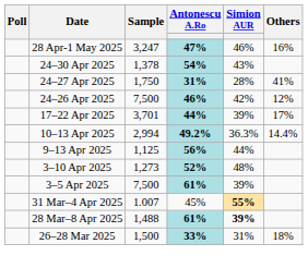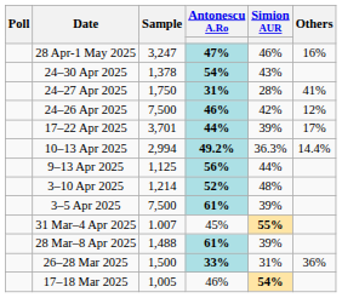 <table class="wikitable sortable" style="text-align:center;font-size:85%;line-height:14px;">
 <tr>
 <th rowspan="2">Poll</th>
 <th rowspan="2">Date</th>
 <th rowspan="2" style="width:35px;">Sample</th>
 <th class="unsortable" style="width:20px;"><a href='#'>Antonescu</a><br><small><a href='#'>A.Ro</a></small></th>
 <th class="unsortable" style="width:20px;"><a href='#'>Simion</a><br><small><a href='#'>AUR</a></small></th>
 <th rowspan="2">Others</th>
 </tr>
 <tr>
 <th style="background:"></th>
 <th style="background:"></th>
 </tr>
 <tr>
 <td></td>
 <td>28 Apr-1 May 2025</td>
 <td>3,247</td>
 <td style="background:#ACE0E5"><strong>47%</strong></td>
 <td>46%</td>
 <td>16%</td>
 </tr>
 <tr>
 <td></td>
 <td>24–30 Apr 2025</td>
 <td>1,378</td>
 <td style="background:#ACE0E5"><strong>54%</strong></td>
 <td>43%</td>
 <td></td>
 </tr>
 <tr>
 <td></td>
 <td>24–27 Apr 2025</td>
 <td>1,750</td>
 <td style="background:#ACE0E5"><strong>31%</strong></td>
 <td>28%</td>
 <td>41%</td>
 </tr>
 <tr>
 <td></td>
 <td>24–26 Apr 2025</td>
 <td>7,500</td>
 <td style="background:#ACE0E5"><strong>46%</strong></td>
 <td>42%</td>
 <td>12%</td>
 </tr>
 <tr>
 <td></td>
 <td>17–22 Apr 2025</td>
 <td>3,701</td>
 <td style="background:#ACE0E5"><strong>44%</strong></td>
 <td>39%</td>
 <td>17%</td>
 </tr>
 <tr>
 <td></td>
 <td>10–13 Apr 2025</td>
 <td>2,994</td>
 <td style="background:#ACE0E5"><strong>49.2%</strong></td>
 <td>36.3%</td>
 <td>14.4%</td>
 </tr>
 <tr>
 <td></td>
 <td>9–13 Apr 2025</td>
 <td>1,125</td>
 <td style="background:#ACE0E5"><strong>56%</strong></td>
 <td>44%</td>
 <td></td>
 </tr>
 <tr>
 <td></td>
 <td>3–10 Apr 2025</td>
-<td>1,273</td>
+<td>1,214</td>
 <td style="background:#ACE0E5"><strong>52%</strong></td>
 <td>48%</td>
 <td></td>
 </tr>
 <tr>
 <td></td>
 <td>3–5 Apr 2025</td>
 <td>7,500</td>
 <td style="background:#ACE0E5"><strong>61%</strong></td>
 <td>39%</td>
 <td></td>
 </tr>
 <tr>
 <td></td>
 <td>31 Mar–4 Apr 2025</td>
 <td>1.007</td>
 <td>45%</td>
 <td style="background:#ffe5a5;"><strong>55%</strong></td>
 <td></td>
 </tr>
 <tr>
 <td></td>
 <td>28 Mar–8 Apr 2025</td>
 <td>1,488</td>
 <td style="background:#ACE0E5"><strong>61%</strong></td>
-<td><strong>39%</strong></td>
+<td>39%</td>
 <td></td>
 </tr>
 <tr>
 <td></td>
 <td>26–28 Mar 2025</td>
 <td>1,500</td>
 <td style="background:#ACE0E5"><strong>33%</strong></td>
 <td>31%</td>
-<td>18%</td>
+<td>36%</td>
+</tr>
+<tr>
+<td></td>
+<td>17–18 Mar 2025</td>
+<td>1,005</td>
+<td>46%</td>
+<td style="background:#ffe5a5;"><strong>54%</strong></td>
+<td></td>
 </tr>
 </table>
